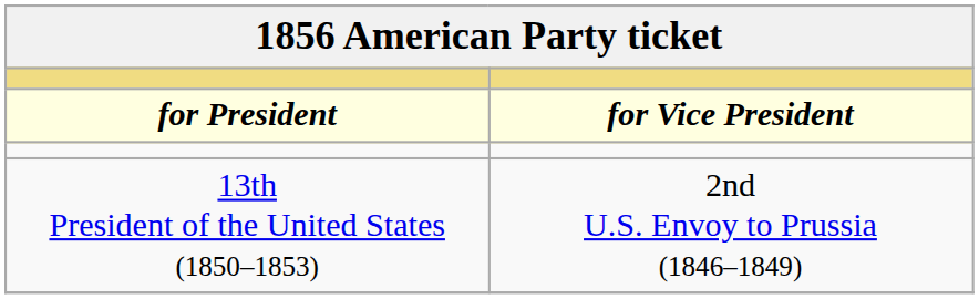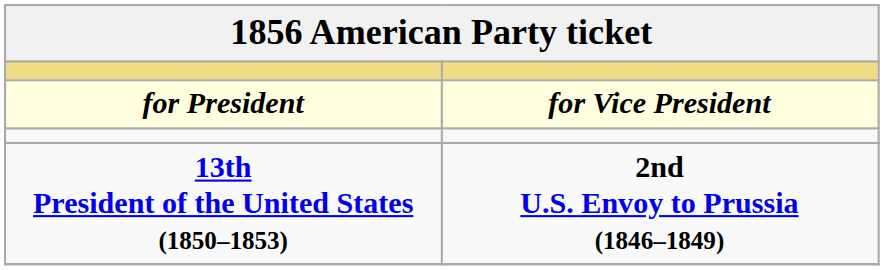 <table class="wikitable" style="font-size:90%; text-align:center;">
 <tr>
 <td style="background:#f1f1f1;" colspan="30"><big><strong>1856 American Party ticket</strong></big></td>
 </tr>
 <tr>
 <th style="width:3em; font-size:135%; background:#F0DC82; width:200px;"><a href='#'></a></th>
 <th style="width:3em; font-size:135%; background:#F0DC82; width:200px;"><a href='#'></a></th>
 </tr>
 <tr style="color:#000000; font-size:100%; background:#F0DC82;">
 <td style="width:3em; font-size:100%; color:#000; background:lightyellow; width:200px;"><strong><em>for President</em></strong></td>
 <td style="width:3em; font-size:100%; color:#000; background:lightyellow; width:200px;"><strong><em>for Vice President</em></strong></td>
 </tr>
 <tr>
 <td></td>
 <td></td>
 </tr>
 <tr>
-<td><a href='#'>13th</a><br><a href='#'>President of the United States</a><br><small>(1850–1853)</small></td>
-<td>2nd<br><a href='#'>U.S. Envoy to Prussia</a><br><small>(1846–1849)</small></td>
+<td><strong><a href='#'>13th</a><br><a href='#'>President of the United States</a><br><small>(1850–1853)</small></strong></td>
+<td><strong>2nd<br><a href='#'>U.S. Envoy to Prussia</a><br><small>(1846–1849)</small></strong></td>
 </tr>
 <tr>
 </tr>
 </table>
